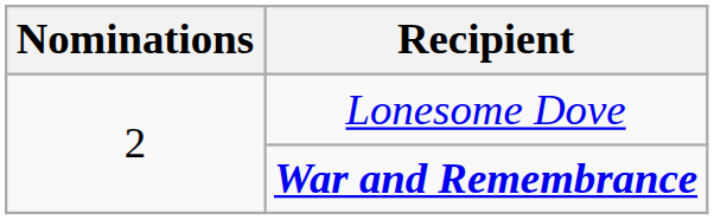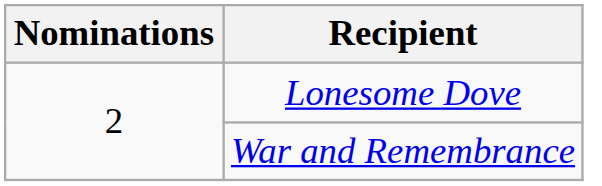 <table class="wikitable sortable" rowspan="2" style="text-align:center;" background: #f6e39c;>
 <tr>
 <th scope="col" style="width:55px;">Nominations</th>
 <th scope="col" style="text-align:center;">Recipient</th>
 </tr>
 <tr>
 <td rowspan="2" style="text-align:center">2</td>
 <td><em><a href='#'>Lonesome Dove</a></em></td>
 </tr>
 <tr>
-<td><strong><em><a href='#'>War and Remembrance</a></em></strong></td>
+<td><em><a href='#'>War and Remembrance</a></em></td>
 </tr>
 </table>
